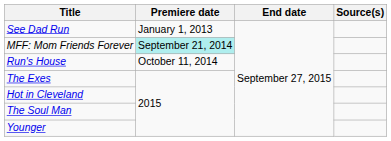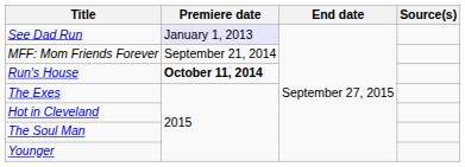 <table class="wikitable sortable">
 <tr>
 <th>Title</th>
 <th>Premiere date</th>
 <th>End date</th>
 <th>Source(s)</th>
 </tr>
 <tr>
 <td><em><a href='#'>See Dad Run</a></em></td>
-<td>January 1, 2013</td>
+<td style="background: lavender;">January 1, 2013</td>
 <td rowspan=7>September 27, 2015</td>
 <td></td>
 </tr>
 <tr>
 <td><em>MFF: Mom Friends Forever</em></td>
-<td style="background: paleturquoise;">September 21, 2014</td>
+<td>September 21, 2014</td>
 <td></td>
 </tr>
 <tr>
 <td><em><a href='#'>Run's House</a></em></td>
-<td>October 11, 2014</td>
+<td><strong>October 11, 2014</strong></td>
 <td></td>
 </tr>
 <tr>
 <td><em><a href='#'>The Exes</a></em></td>
 <td rowspan=4>2015</td>
 <td></td>
 </tr>
 <tr>
 <td><em><a href='#'>Hot in Cleveland</a></em></td>
 <td></td>
 </tr>
 <tr>
 <td><em><a href='#'>The Soul Man</a></em></td>
 <td></td>
 </tr>
 <tr>
 <td><em><a href='#'>Younger</a></em></td>
 <td></td>
 </tr>
 </table>
